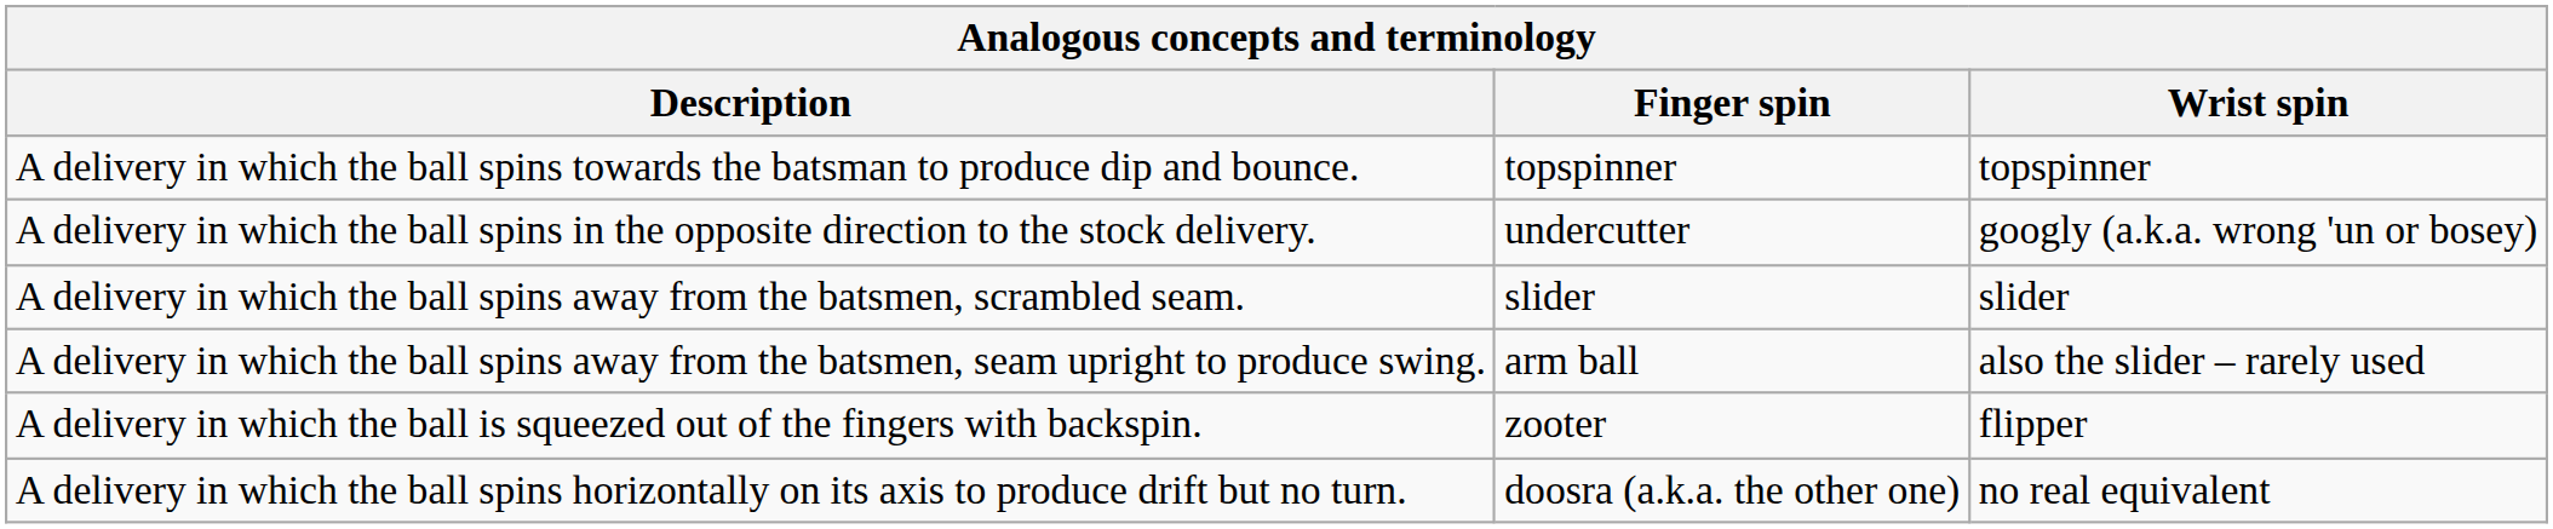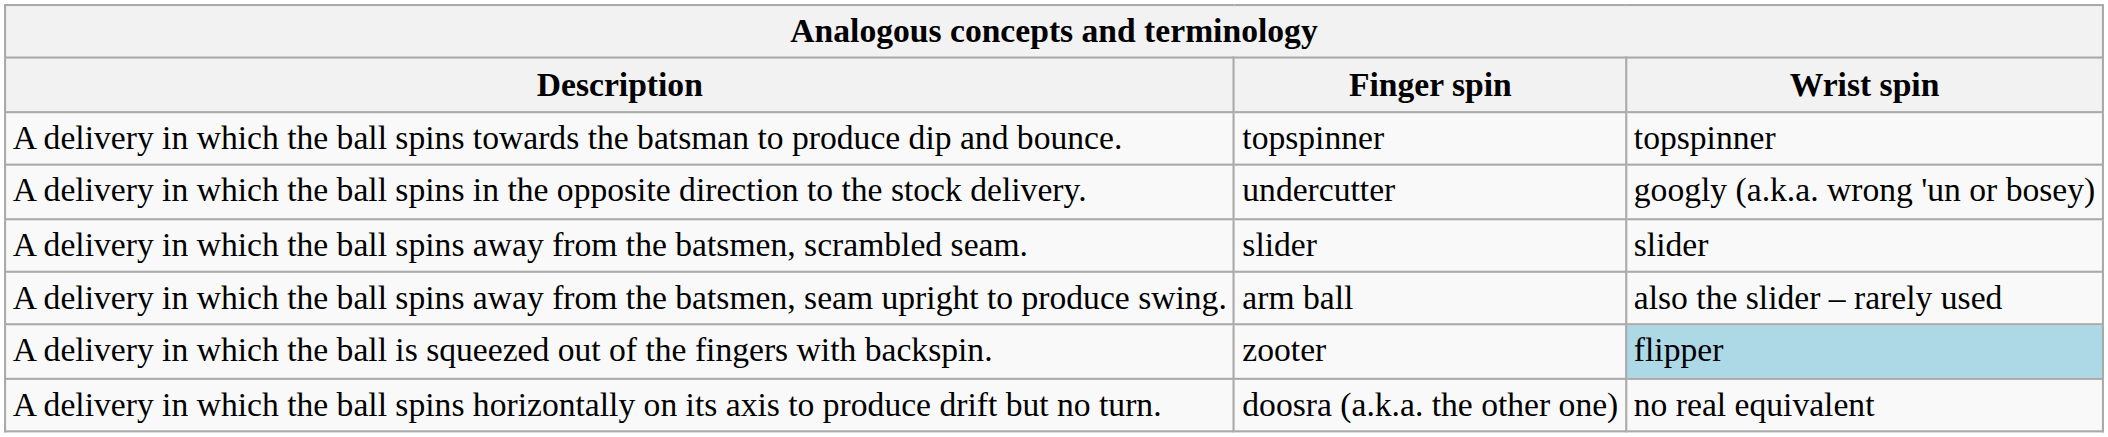 <table class=wikitable>
 <tr>
 <th colspan=3>Analogous concepts and terminology</th>
 </tr>
 <tr>
 <th>Description</th>
 <th>Finger spin</th>
 <th>Wrist spin</th>
 </tr>
 <tr>
 <td>A delivery in which the ball spins towards the batsman to produce dip and bounce.</td>
 <td>topspinner</td>
 <td>topspinner</td>
 </tr>
 <tr>
 <td>A delivery in which the ball spins in the opposite direction to the stock delivery.</td>
 <td>undercutter</td>
 <td>googly (a.k.a. wrong 'un or bosey)</td>
 </tr>
 <tr>
 <td>A delivery in which the ball spins away from the batsmen, scrambled seam.</td>
 <td>slider</td>
 <td>slider</td>
 </tr>
 <tr>
 <td>A delivery in which the ball spins away from the batsmen, seam upright to produce swing.</td>
 <td>arm ball</td>
 <td>also the slider – rarely used</td>
 </tr>
 <tr>
 <td>A delivery in which the ball is squeezed out of the fingers with backspin.</td>
 <td>zooter</td>
-<td>flipper</td>
+<td style="background: lightblue;">flipper</td>
 </tr>
 <tr>
 <td>A delivery in which the ball spins horizontally on its axis to produce drift but no turn.</td>
 <td>doosra (a.k.a. the other one)</td>
 <td>no real equivalent</td>
 </tr>
 </table>
